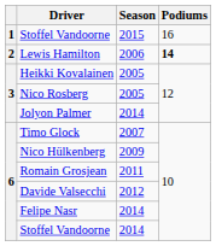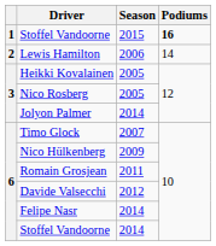 <table class="wikitable">
 <tr>
 <th></th>
 <th>Driver</th>
 <th>Season</th>
 <th>Podiums</th>
 </tr>
 <tr>
 <th>1</th>
 <td align=left> <a href='#'>Stoffel Vandoorne</a></td>
 <td><a href='#'>2015</a></td>
-<td rowspan="1">16</td>
+<td rowspan="1"><strong>16</strong></td>
 </tr>
 <tr>
 <th>2</th>
 <td align=left> <a href='#'>Lewis Hamilton</a></td>
 <td><a href='#'>2006</a></td>
-<td rowspan="1"><strong>14</strong></td>
+<td rowspan="1">14</td>
 </tr>
 <tr>
 <th rowspan="3">3</th>
 <td align=left> <a href='#'>Heikki Kovalainen</a></td>
 <td><a href='#'>2005</a></td>
 <td rowspan="3">12</td>
 </tr>
 <tr>
 <td align=left> <a href='#'>Nico Rosberg</a></td>
 <td><a href='#'>2005</a></td>
 </tr>
 <tr>
 <td align=left> <a href='#'>Jolyon Palmer</a></td>
 <td><a href='#'>2014</a></td>
 </tr>
 <tr>
 <th rowspan="6">6</th>
 <td align=left> <a href='#'>Timo Glock</a></td>
 <td><a href='#'>2007</a></td>
 <td rowspan="6">10</td>
 </tr>
 <tr>
 <td align=left> <a href='#'>Nico Hülkenberg</a></td>
 <td><a href='#'>2009</a></td>
 </tr>
 <tr>
 <td align=left> <a href='#'>Romain Grosjean</a></td>
 <td><a href='#'>2011</a></td>
 </tr>
 <tr>
 <td align=left> <a href='#'>Davide Valsecchi</a></td>
 <td><a href='#'>2012</a></td>
 </tr>
 <tr>
 <td align=left> <a href='#'>Felipe Nasr</a></td>
 <td><a href='#'>2014</a></td>
 </tr>
 <tr>
 <td align=left> <a href='#'>Stoffel Vandoorne</a></td>
 <td><a href='#'>2014</a></td>
 </tr>
 </table>
